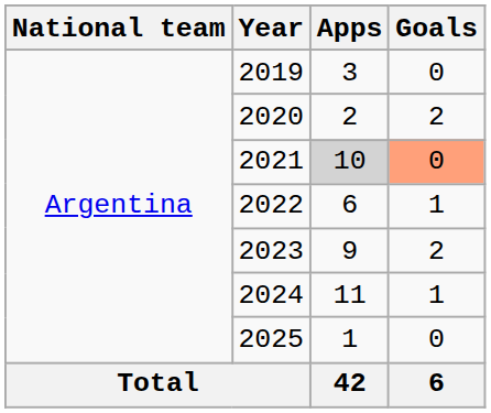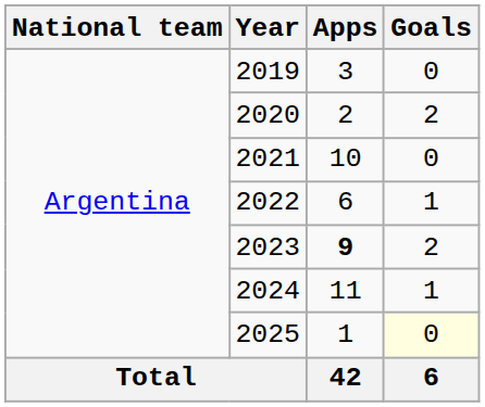 <table class="wikitable" style="text-align:center">
 <tr>
 <th>National team</th>
 <th>Year</th>
 <th>Apps</th>
 <th>Goals</th>
 </tr>
 <tr>
 <td rowspan="7"><a href='#'>Argentina</a></td>
 <td>2019</td>
 <td>3</td>
 <td>0</td>
 </tr>
 <tr>
 <td>2020</td>
 <td>2</td>
 <td>2</td>
 </tr>
 <tr>
 <td>2021</td>
-<td style="background: lightgrey;">10</td>
-<td style="background: lightsalmon;">0</td>
+<td>10</td>
+<td>0</td>
 </tr>
 <tr>
 <td>2022</td>
 <td>6</td>
 <td>1</td>
 </tr>
 <tr>
 <td>2023</td>
-<td>9</td>
+<td><strong>9</strong></td>
 <td>2</td>
 </tr>
 <tr>
 <td>2024</td>
 <td>11</td>
 <td>1</td>
 </tr>
 <tr>
 <td>2025</td>
 <td>1</td>
-<td>0</td>
+<td style="background: lightyellow;">0</td>
 </tr>
 <tr>
 <th colspan="2">Total</th>
 <th>42</th>
 <th>6</th>
 </tr>
 </table>
